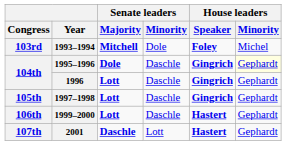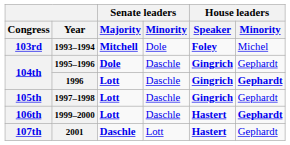 <table class="wikitable" style="margin-left:1em">
 <tr>
 <th colspan=2></th>
 <th colspan=2>Senate leaders</th>
 <th colspan=2>House leaders</th>
 </tr>
 <tr>
 <th>Congress</th>
 <th>Year</th>
 <th><a href='#'>Majority</a></th>
 <th><a href='#'>Minority</a></th>
 <th><a href='#'>Speaker</a></th>
 <th><a href='#'>Minority</a></th>
 </tr>
 <tr>
 <th><a href='#'>103rd</a></th>
 <th><small>1993–1994</small></th>
 <td><strong><a href='#'>Mitchell</a></strong></td>
 <td><a href='#'>Dole</a></td>
 <td><strong><a href='#'>Foley</a></strong></td>
 <td><a href='#'>Michel</a></td>
 </tr>
 <tr>
 <th rowspan=2 ><a href='#'>104th</a></th>
 <th><small>1995–1996</small></th>
 <td><strong><a href='#'>Dole</a></strong></td>
 <td><a href='#'>Daschle</a></td>
 <td><strong><a href='#'>Gingrich</a></strong></td>
-<td style="background: lightyellow;"><a href='#'>Gephardt</a></td>
+<td><a href='#'>Gephardt</a></td>
 </tr>
 <tr>
 <th><small>1996</small></th>
 <td><strong><a href='#'>Lott</a></strong></td>
 <td><a href='#'>Daschle</a></td>
 <td><strong><a href='#'>Gingrich</a></strong></td>
-<td><a href='#'>Gephardt</a></td>
+<td><strong><a href='#'>Gephardt</a></strong></td>
 </tr>
 <tr>
 <th><a href='#'>105th</a></th>
 <th><small>1997–1998</small></th>
 <td><strong><a href='#'>Lott</a></strong></td>
 <td><a href='#'>Daschle</a></td>
 <td><strong><a href='#'>Gingrich</a></strong></td>
 <td><a href='#'>Gephardt</a></td>
 </tr>
 <tr>
 <th><a href='#'>106th</a></th>
 <th><small>1999–2000</small></th>
 <td><strong><a href='#'>Lott</a></strong></td>
 <td><a href='#'>Daschle</a></td>
 <td><strong><a href='#'>Hastert</a></strong></td>
-<td><a href='#'>Gephardt</a></td>
+<td><strong><a href='#'>Gephardt</a></strong></td>
 </tr>
 <tr>
 <th><a href='#'>107th</a></th>
 <th><small>2001</small></th>
 <td><strong><a href='#'>Daschle</a></strong></td>
 <td><a href='#'>Lott</a></td>
 <td><strong><a href='#'>Hastert</a></strong></td>
 <td><a href='#'>Gephardt</a></td>
 </tr>
 </table>
